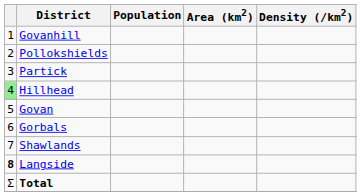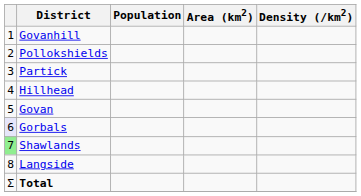 <table class="wikitable sortable">
 <tr>
 <th></th>
 <th>District</th>
 <th>Population</th>
 <th>Area (km<sup>2</sup>)</th>
 <th>Density (/km<sup>2</sup>)</th>
 </tr>
 <tr>
 <td>1</td>
 <td><a href='#'>Govanhill</a></td>
 <td></td>
 <td></td>
 <td></td>
 </tr>
 <tr>
 <td>2</td>
 <td><a href='#'>Pollokshields</a></td>
 <td></td>
 <td></td>
 <td></td>
 </tr>
 <tr>
 <td>3</td>
 <td><a href='#'>Partick</a></td>
 <td></td>
 <td></td>
 <td></td>
 </tr>
 <tr>
-<td style="background: lightgreen;">4</td>
+<td>4</td>
 <td><a href='#'>Hillhead</a></td>
 <td></td>
 <td></td>
 <td></td>
 </tr>
 <tr>
 <td>5</td>
 <td><a href='#'>Govan</a></td>
 <td></td>
 <td></td>
 <td></td>
 </tr>
 <tr>
-<td>6</td>
+<td style="background: lavender;">6</td>
 <td><a href='#'>Gorbals</a></td>
 <td></td>
 <td></td>
 <td></td>
 </tr>
 <tr>
-<td>7</td>
+<td style="background: lightgreen;">7</td>
 <td><a href='#'>Shawlands</a></td>
 <td></td>
 <td></td>
 <td></td>
 </tr>
 <tr>
-<td><strong>8</strong></td>
+<td>8</td>
 <td><a href='#'>Langside</a></td>
 <td></td>
 <td></td>
 <td></td>
 </tr>
 <tr>
 <td>Σ</td>
 <td><strong>Total</strong></td>
 <td></td>
 <td></td>
 <td></td>
 </tr>
 <tr>
 </tr>
 </table>
